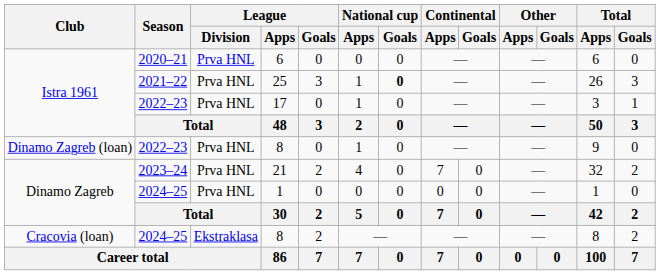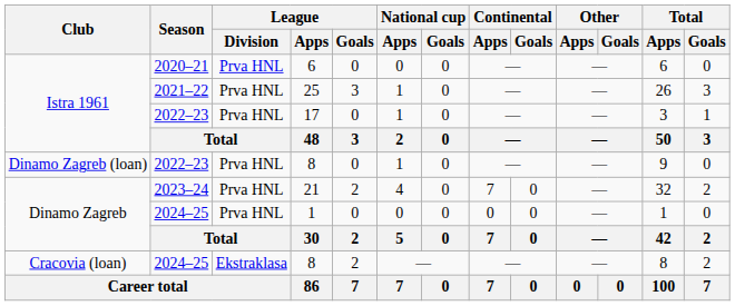 <table class="wikitable" style="text-align: center;">
 <tr>
 <th rowspan="2">Club</th>
 <th rowspan="2">Season</th>
 <th colspan="3">League</th>
 <th colspan="2">National cup</th>
 <th colspan="2">Continental</th>
 <th colspan="2">Other</th>
 <th colspan="2">Total</th>
 </tr>
 <tr>
 <th>Division</th>
 <th>Apps</th>
 <th>Goals</th>
 <th>Apps</th>
 <th>Goals</th>
 <th>Apps</th>
 <th>Goals</th>
 <th>Apps</th>
 <th>Goals</th>
 <th>Apps</th>
 <th>Goals</th>
 </tr>
 <tr>
 <td rowspan="4"><a href='#'>Istra 1961</a></td>
 <td><a href='#'>2020–21</a></td>
 <td><a href='#'>Prva HNL</a></td>
 <td>6</td>
 <td>0</td>
 <td>0</td>
 <td>0</td>
 <td colspan="2">—</td>
 <td colspan="2">—</td>
 <td>6</td>
 <td>0</td>
 </tr>
 <tr>
 <td><a href='#'>2021–22</a></td>
 <td>Prva HNL</td>
 <td>25</td>
 <td>3</td>
 <td>1</td>
-<td><strong>0</strong></td>
+<td>0</td>
 <td colspan="2">—</td>
 <td colspan="2">—</td>
 <td>26</td>
 <td>3</td>
 </tr>
 <tr>
 <td><a href='#'>2022–23</a></td>
 <td>Prva HNL</td>
 <td>17</td>
 <td>0</td>
 <td>1</td>
 <td>0</td>
 <td colspan="2">—</td>
 <td colspan="2">—</td>
 <td>3</td>
 <td>1</td>
 </tr>
 <tr>
 <th colspan="2">Total</th>
 <th>48</th>
 <th>3</th>
 <th>2</th>
 <th>0</th>
 <th colspan="2">—</th>
 <th colspan="2">—</th>
 <th>50</th>
 <th>3</th>
 </tr>
 <tr>
 <td><a href='#'>Dinamo Zagreb</a> (loan)</td>
 <td><a href='#'>2022–23</a></td>
 <td>Prva HNL</td>
 <td>8</td>
 <td>0</td>
 <td>1</td>
 <td>0</td>
 <td colspan="2">—</td>
 <td colspan="2">—</td>
 <td>9</td>
 <td>0</td>
 </tr>
 <tr>
 <td rowspan="3">Dinamo Zagreb</td>
 <td><a href='#'>2023–24</a></td>
 <td>Prva HNL</td>
 <td>21</td>
 <td>2</td>
 <td>4</td>
 <td>0</td>
 <td>7</td>
 <td>0</td>
 <td colspan="2">—</td>
 <td>32</td>
 <td>2</td>
 </tr>
 <tr>
 <td><a href='#'>2024–25</a></td>
 <td>Prva HNL</td>
 <td>1</td>
 <td>0</td>
 <td>0</td>
 <td>0</td>
 <td>0</td>
 <td>0</td>
 <td colspan="2">—</td>
 <td>1</td>
 <td>0</td>
 </tr>
 <tr>
 <th colspan="2">Total</th>
 <th>30</th>
 <th>2</th>
 <th>5</th>
 <th>0</th>
 <th>7</th>
 <th>0</th>
 <th colspan="2">—</th>
 <th>42</th>
 <th>2</th>
 </tr>
 <tr>
 <td><a href='#'>Cracovia</a> (loan)</td>
 <td><a href='#'>2024–25</a></td>
 <td><a href='#'>Ekstraklasa</a></td>
 <td>8</td>
 <td>2</td>
 <td colspan="2">—</td>
 <td colspan="2">—</td>
 <td colspan="2">—</td>
 <td>8</td>
 <td>2</td>
 </tr>
 <tr>
 <th colspan="3">Career total</th>
 <th>86</th>
 <th>7</th>
 <th>7</th>
 <th>0</th>
 <th>7</th>
 <th>0</th>
 <th>0</th>
 <th>0</th>
 <th>100</th>
 <th>7</th>
 </tr>
 </table>
